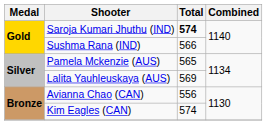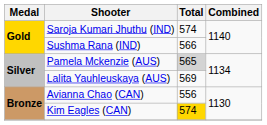 <table class="wikitable">
 <tr>
 <th>Medal</th>
 <th>Shooter</th>
 <th>Total</th>
 <th>Combined</th>
 </tr>
 <tr>
 <td rowspan="2" bgcolor="gold"><strong>Gold</strong></td>
 <td> <a href='#'>Saroja Kumari Jhuthu</a> (<a href='#'>IND</a>)</td>
-<td><strong>574</strong></td>
+<td>574</td>
 <td rowspan="2">1140</td>
 </tr>
 <tr>
 <td> <a href='#'>Sushma Rana</a> (<a href='#'>IND</a>)</td>
 <td>566</td>
 </tr>
 <tr>
 <td rowspan="2" bgcolor="silver"><strong>Silver</strong></td>
 <td> <a href='#'>Pamela Mckenzie</a> (<a href='#'>AUS</a>)</td>
-<td>565</td>
+<td style="background: lightgrey;">565</td>
 <td rowspan="2">1134</td>
 </tr>
 <tr>
 <td> <a href='#'>Lalita Yauhleuskaya</a> (<a href='#'>AUS</a>)</td>
 <td>569</td>
 </tr>
 <tr>
 <td rowspan="2" bgcolor="cc9966"><strong>Bronze</strong></td>
 <td> <a href='#'>Avianna Chao</a> (<a href='#'>CAN</a>)</td>
 <td>556</td>
 <td rowspan="2">1130</td>
 </tr>
 <tr>
 <td> <a href='#'>Kim Eagles</a> (<a href='#'>CAN</a>)</td>
-<td>574</td>
+<td style="background: gold;">574</td>
 </tr>
 <tr>
 </tr>
 </table>
